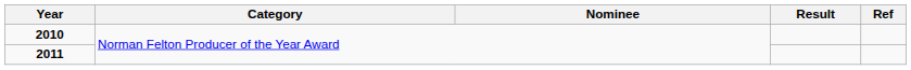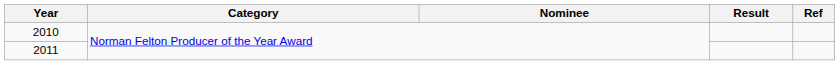 <table class="wikitable" width="90%">
 <tr>
 <th width="10%">Year</th>
 <th width="40%">Category</th>
 <th width="35%">Nominee</th>
 <th width="10%">Result</th>
 <th width="5%">Ref</th>
 </tr>
 <tr>
-<td align="center"><strong>2010</strong></td>
+<td align="center">2010</td>
 <td rowspan="2" colspan="2"><a href='#'>Norman Felton Producer of the Year Award</a></td>
 <td></td>
 <td align="center"></td>
 </tr>
 <tr>
-<td align="center"><strong>2011</strong></td>
+<td align="center">2011</td>
 <td></td>
 <td align="center"></td>
 </tr>
 </table>
